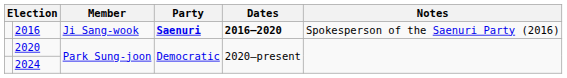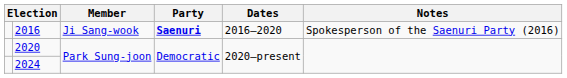 <table class="wikitable">
 <tr>
 <th colspan="2">Election</th>
 <th>Member</th>
 <th>Party</th>
 <th>Dates</th>
 <th>Notes</th>
 </tr>
 <tr>
 <td bgcolor=></td>
 <td><a href='#'>2016</a></td>
 <td><a href='#'>Ji Sang-wook</a></td>
 <td><strong><a href='#'>Saenuri</a></strong></td>
-<td><strong>2016–2020</strong></td>
+<td>2016–2020</td>
 <td>Spokesperson of the <a href='#'>Saenuri Party</a> (2016)</td>
 </tr>
 <tr>
 <td bgcolor=></td>
 <td><a href='#'>2020</a></td>
 <td rowspan="2"><a href='#'>Park Sung-joon</a></td>
 <td rowspan="2"><a href='#'>Democratic</a></td>
 <td rowspan="2">2020–present</td>
 <td rowspan="2"></td>
 </tr>
 <tr>
 <td bgcolor=></td>
 <td><a href='#'>2024</a></td>
 </tr>
 </table>
